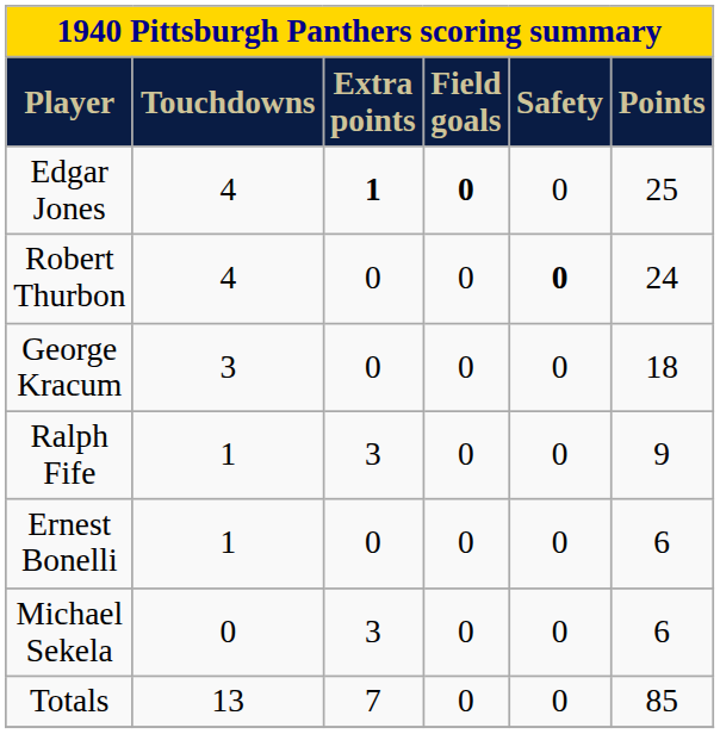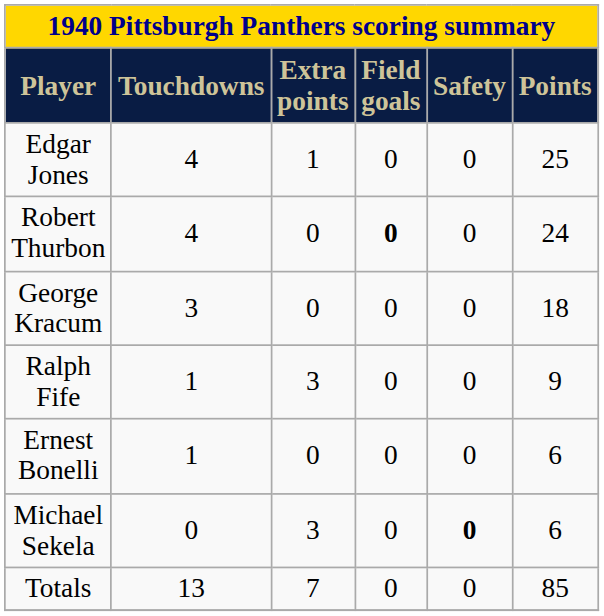 <table class="wikitable" width="35%">
 <tr>
 <th colspan="10" style="background:gold; color:darkblue; text-align: center;"><strong>1940 Pittsburgh Panthers scoring summary</strong></th>
 </tr>
 <tr align="center"  style="background:#091C44;color:#CEC499;">
 <td><strong>Player</strong></td>
 <td><strong>Touchdowns</strong></td>
 <td><strong>Extra points</strong></td>
 <td><strong>Field goals</strong></td>
 <td><strong>Safety</strong></td>
 <td><strong>Points</strong></td>
 </tr>
 <tr align="center" bgcolor="">
 <td>Edgar Jones</td>
 <td>4</td>
-<td><strong>1</strong></td>
-<td><strong>0</strong></td>
+<td>1</td>
+<td>0</td>
 <td>0</td>
 <td>25</td>
 </tr>
 <tr align="center" bgcolor="">
 <td>Robert Thurbon</td>
 <td>4</td>
 <td>0</td>
+<td><strong>0</strong></td>
 <td>0</td>
-<td><strong>0</strong></td>
 <td>24</td>
 </tr>
 <tr align="center" bgcolor="">
 <td>George Kracum</td>
 <td>3</td>
 <td>0</td>
 <td>0</td>
 <td>0</td>
 <td>18</td>
 </tr>
 <tr align="center" bgcolor="">
 <td>Ralph Fife</td>
 <td>1</td>
 <td>3</td>
 <td>0</td>
 <td>0</td>
 <td>9</td>
 </tr>
 <tr align="center" bgcolor="">
 <td>Ernest Bonelli</td>
 <td>1</td>
 <td>0</td>
 <td>0</td>
 <td>0</td>
 <td>6</td>
 </tr>
 <tr align="center" bgcolor="">
 <td>Michael Sekela</td>
 <td>0</td>
 <td>3</td>
 <td>0</td>
-<td>0</td>
+<td><strong>0</strong></td>
 <td>6</td>
 </tr>
 <tr align="center" bgcolor="">
 <td>Totals</td>
 <td>13</td>
 <td>7</td>
 <td>0</td>
 <td>0</td>
 <td>85</td>
 </tr>
 <tr align="center" bgcolor="">
 </tr>
 </table>
